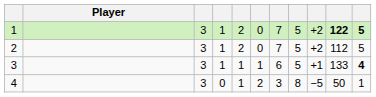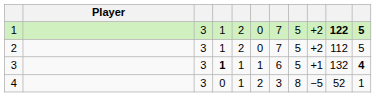 <table class="wikitable" style="text-align:center; margin: 1em auto 1em auto, align:left">
 <tr>
 <th width=20></th>
 <th width=240>Player</th>
 <th width=20></th>
 <th width=20></th>
 <th width=20></th>
 <th width=20></th>
 <th width=20></th>
 <th width=20></th>
 <th width=20></th>
 <th width=30></th>
 <th width=20></th>
 </tr>
 <tr style="background:#D0F0C0;">
 <td>1</td>
 <td align=left></td>
 <td>3</td>
 <td>1</td>
 <td>2</td>
 <td>0</td>
 <td>7</td>
 <td>5</td>
 <td>+2</td>
 <td><strong>122</strong></td>
 <td><strong>5</strong></td>
 </tr>
 <tr style=>
 <td>2</td>
 <td align=left></td>
 <td>3</td>
 <td>1</td>
 <td>2</td>
 <td>0</td>
 <td>7</td>
 <td>5</td>
 <td>+2</td>
 <td>112</td>
 <td>5</td>
 </tr>
 <tr style=>
 <td>3</td>
 <td align=left></td>
 <td>3</td>
-<td>1</td>
+<td><strong>1</strong></td>
 <td>1</td>
 <td>1</td>
 <td>6</td>
 <td>5</td>
 <td>+1</td>
-<td>133</td>
+<td>132</td>
 <td><strong>4</strong></td>
 </tr>
 <tr style=>
 <td>4</td>
 <td align=left></td>
 <td>3</td>
 <td>0</td>
 <td>1</td>
 <td>2</td>
 <td>3</td>
 <td>8</td>
 <td>−5</td>
-<td>50</td>
+<td>52</td>
 <td>1</td>
 </tr>
 </table>
